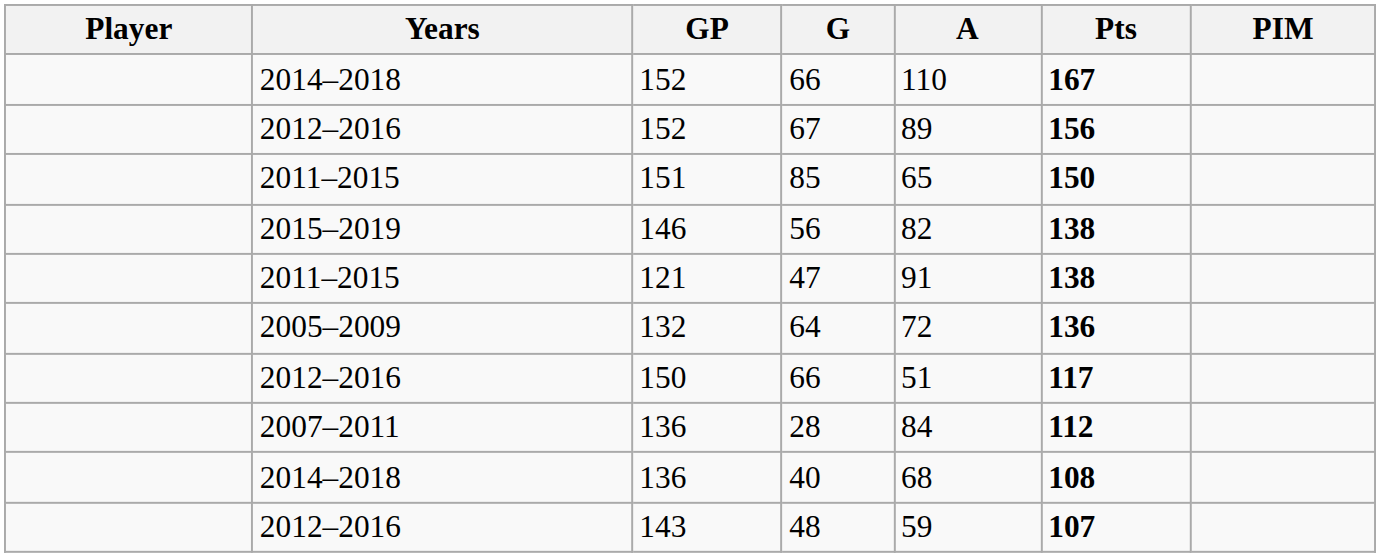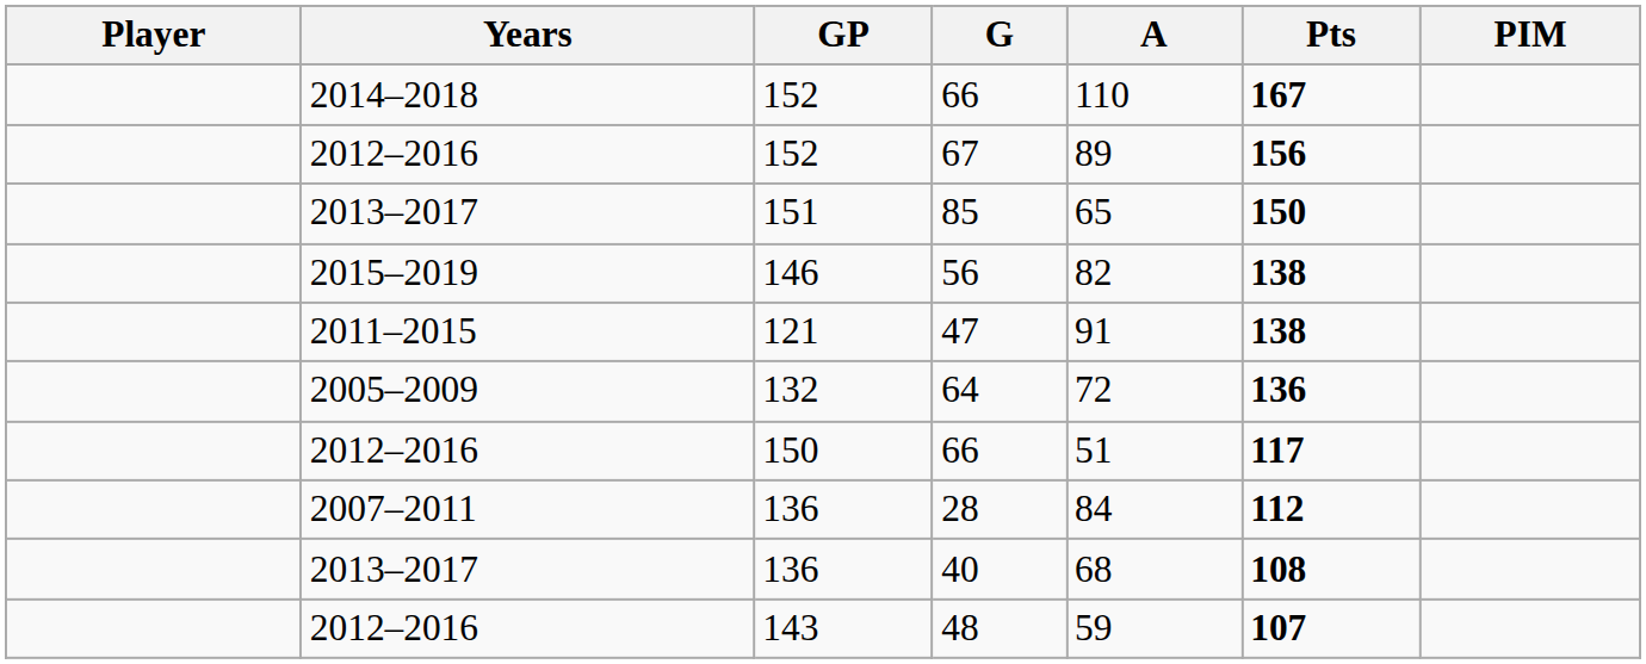 <table class="wikitable sortable" width ="700" cellpadding="1" border="1" cellspacing="0">
 <tr>
 <th>Player</th>
 <th>Years</th>
 <th>GP</th>
 <th>G</th>
 <th>A</th>
 <th>Pts</th>
 <th>PIM</th>
 </tr>
 <tr>
 <td></td>
 <td>2014–2018</td>
 <td>152</td>
 <td>66</td>
 <td>110</td>
 <td><strong>167</strong></td>
 <td></td>
 </tr>
 <tr>
 <td></td>
 <td>2012–2016</td>
 <td>152</td>
 <td>67</td>
 <td>89</td>
 <td><strong>156</strong></td>
 <td></td>
 </tr>
 <tr>
 <td></td>
-<td>2011–2015</td>
+<td>2013–2017</td>
 <td>151</td>
 <td>85</td>
 <td>65</td>
 <td><strong>150</strong></td>
 <td></td>
 </tr>
 <tr>
 <td></td>
 <td>2015–2019</td>
 <td>146</td>
 <td>56</td>
 <td>82</td>
 <td><strong>138</strong></td>
 <td></td>
 </tr>
 <tr>
 <td></td>
 <td>2011–2015</td>
 <td>121</td>
 <td>47</td>
 <td>91</td>
 <td><strong>138</strong></td>
 <td></td>
 </tr>
 <tr>
 <td></td>
 <td>2005–2009</td>
 <td>132</td>
 <td>64</td>
 <td>72</td>
 <td><strong>136</strong></td>
 <td></td>
 </tr>
 <tr>
 <td></td>
 <td>2012–2016</td>
 <td>150</td>
 <td>66</td>
 <td>51</td>
 <td><strong>117</strong></td>
 <td></td>
 </tr>
 <tr>
 <td></td>
 <td>2007–2011</td>
 <td>136</td>
 <td>28</td>
 <td>84</td>
 <td><strong>112</strong></td>
 <td></td>
 </tr>
 <tr>
 <td></td>
-<td>2014–2018</td>
+<td>2013–2017</td>
 <td>136</td>
 <td>40</td>
 <td>68</td>
 <td><strong>108</strong></td>
 <td></td>
 </tr>
 <tr>
 <td></td>
 <td>2012–2016</td>
 <td>143</td>
 <td>48</td>
 <td>59</td>
 <td><strong>107</strong></td>
 <td></td>
 </tr>
 </table>
